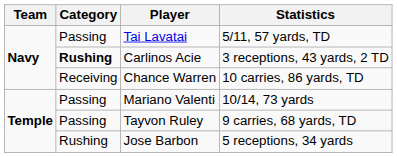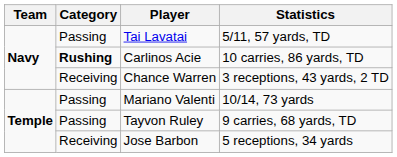 <table class="wikitable" style="float: left;">
 <tr>
 <th>Team</th>
 <th>Category</th>
 <th>Player</th>
 <th>Statistics</th>
 </tr>
 <tr>
 <td rowspan=3><strong>Navy</strong></td>
 <td>Passing</td>
 <td><a href='#'>Tai Lavatai</a></td>
 <td>5/11, 57 yards, TD</td>
 </tr>
 <tr>
 <td><strong>Rushing</strong></td>
 <td>Carlinos Acie</td>
-<td>3 receptions, 43 yards, 2 TD</td>
+<td>10 carries, 86 yards, TD</td>
 </tr>
 <tr>
 <td>Receiving</td>
 <td>Chance Warren</td>
-<td>10 carries, 86 yards, TD</td>
+<td>3 receptions, 43 yards, 2 TD</td>
 </tr>
 <tr>
 <td rowspan=3><strong>Temple</strong></td>
 <td>Passing</td>
 <td>Mariano Valenti</td>
 <td>10/14, 73 yards</td>
 </tr>
 <tr>
 <td>Passing</td>
 <td>Tayvon Ruley</td>
 <td>9 carries, 68 yards, TD</td>
 </tr>
 <tr>
-<td>Rushing</td>
+<td>Receiving</td>
 <td>Jose Barbon</td>
 <td>5 receptions, 34 yards</td>
 </tr>
 </table>
